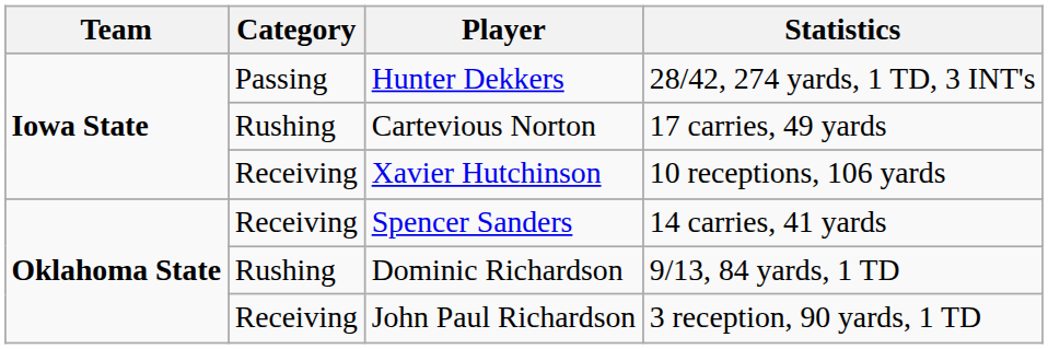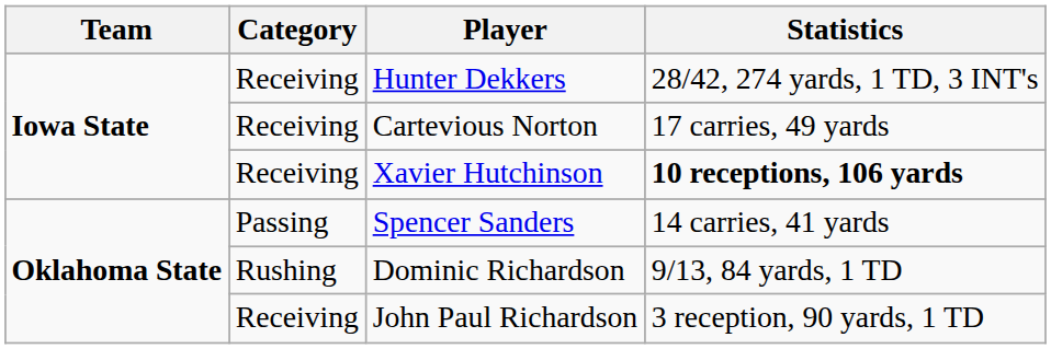 <table class="wikitable" style="float: right;">
 <tr>
 <th>Team</th>
 <th>Category</th>
 <th>Player</th>
 <th>Statistics</th>
 </tr>
 <tr>
 <td rowspan=3><strong>Iowa State</strong></td>
-<td>Passing</td>
+<td>Receiving</td>
 <td><a href='#'>Hunter Dekkers</a></td>
 <td>28/42, 274 yards, 1 TD, 3 INT's</td>
 </tr>
 <tr>
-<td>Rushing</td>
+<td>Receiving</td>
 <td>Cartevious Norton</td>
 <td>17 carries, 49 yards</td>
 </tr>
 <tr>
 <td>Receiving</td>
 <td><a href='#'>Xavier Hutchinson</a></td>
-<td>10 receptions, 106 yards</td>
+<td><strong>10 receptions, 106 yards</strong></td>
 </tr>
 <tr>
 <td rowspan=3><strong>Oklahoma State</strong></td>
-<td>Receiving</td>
+<td>Passing</td>
 <td><a href='#'>Spencer Sanders</a></td>
 <td>14 carries, 41 yards</td>
 </tr>
 <tr>
 <td>Rushing</td>
 <td>Dominic Richardson</td>
 <td>9/13, 84 yards, 1 TD</td>
 </tr>
 <tr>
 <td>Receiving</td>
 <td>John Paul Richardson</td>
 <td>3 reception, 90 yards, 1 TD</td>
 </tr>
 </table>
